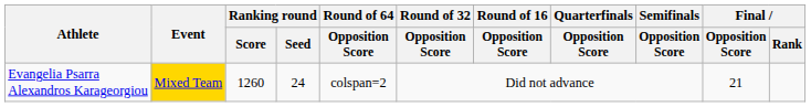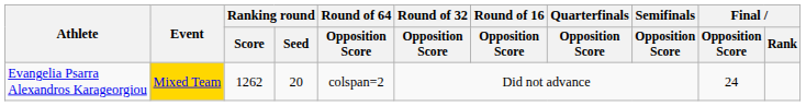 <table class="wikitable" style="font-size:90%">
 <tr>
 <th rowspan=2>Athlete</th>
 <th rowspan=2>Event</th>
 <th colspan=2>Ranking round</th>
 <th>Round of 64</th>
 <th>Round of 32</th>
 <th>Round of 16</th>
 <th>Quarterfinals</th>
 <th>Semifinals</th>
 <th colspan=2>Final / </th>
 </tr>
 <tr style="font-size:95%">
 <th>Score</th>
 <th>Seed</th>
 <th>Opposition<br>Score</th>
 <th>Opposition<br>Score</th>
 <th>Opposition<br>Score</th>
 <th>Opposition<br>Score</th>
 <th>Opposition<br>Score</th>
 <th>Opposition<br>Score</th>
 <th>Rank</th>
 </tr>
 <tr align=center>
 <td align=left><a href='#'>Evangelia Psarra</a><br><a href='#'>Alexandros Karageorgiou</a></td>
 <td align=left style="background: gold;"><a href='#'>Mixed Team</a></td>
-<td>1260</td>
-<td>24</td>
+<td>1262</td>
+<td>20</td>
 <td>colspan=2 </td>
 <td colspan=4>Did not advance</td>
-<td>21</td>
+<td>24</td>
 </tr>
 </table>
